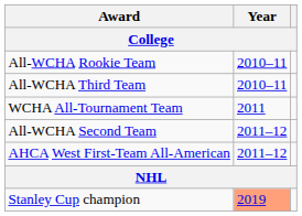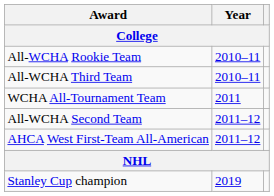 <table class="wikitable">
 <tr>
 <th>Award</th>
 <th>Year</th>
 <th></th>
 </tr>
 <tr>
 <th colspan="3"><a href='#'>College</a></th>
 </tr>
 <tr>
 <td>All-<a href='#'>WCHA</a> <a href='#'>Rookie Team</a></td>
 <td><a href='#'>2010–11</a></td>
 <td></td>
 </tr>
 <tr>
 <td>All-WCHA <a href='#'>Third Team</a></td>
 <td><a href='#'>2010–11</a></td>
 <td></td>
 </tr>
 <tr>
 <td>WCHA <a href='#'>All-Tournament Team</a></td>
 <td><a href='#'>2011</a></td>
 <td></td>
 </tr>
 <tr>
 <td>All-WCHA <a href='#'>Second Team</a></td>
 <td><a href='#'>2011–12</a></td>
 <td></td>
 </tr>
 <tr>
 <td><a href='#'>AHCA</a> <a href='#'>West First-Team All-American</a></td>
 <td><a href='#'>2011–12</a></td>
 <td></td>
 </tr>
 <tr>
 <th colspan="3"><a href='#'>NHL</a></th>
 </tr>
 <tr>
 <td><a href='#'>Stanley Cup</a> champion</td>
-<td style="background: lightsalmon;"><a href='#'>2019</a></td>
+<td><a href='#'>2019</a></td>
 <td></td>
 </tr>
 </table>
